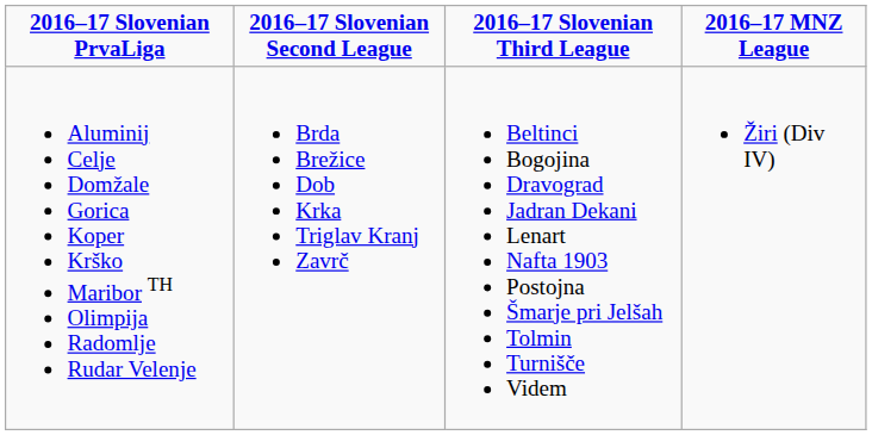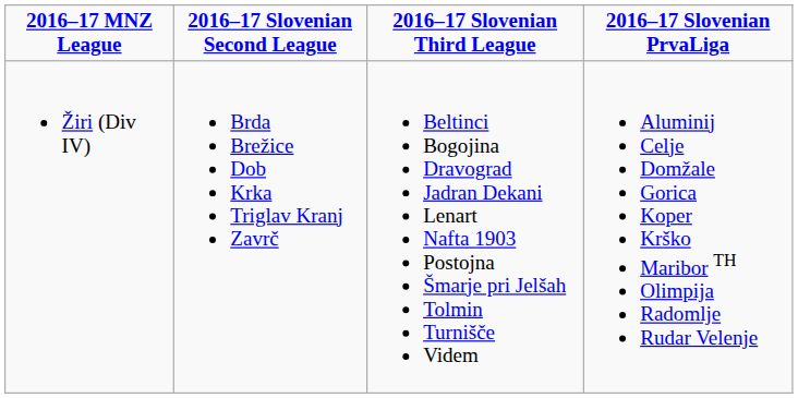 <table class="wikitable">
 <tr valign="top">
-<td align="center" width="16%"><strong><a href='#'>2016–17 Slovenian PrvaLiga</a></strong></td>
+<td align="center" width="14%"><strong><a href='#'>2016–17 MNZ League</a></strong></td>
 <td align="center" width="16%"><strong><a href='#'>2016–17 Slovenian Second League</a></strong></td>
 <td align="center" width="16%"><strong><a href='#'>2016–17 Slovenian Third League</a></strong></td>
-<td align="center" width="14%"><strong><a href='#'>2016–17 MNZ League</a></strong></td>
+<td align="center" width="16%"><strong><a href='#'>2016–17 Slovenian PrvaLiga</a></strong></td>
 </tr>
 <tr valign="top">
-<td><br><ul><li><a href='#'>Aluminij</a></li><li><a href='#'>Celje</a></li><li><a href='#'>Domžale</a></li><li><a href='#'>Gorica</a></li><li><a href='#'>Koper</a></li><li><a href='#'>Krško</a></li><li><a href='#'>Maribor</a> <sup>TH</sup></li><li><a href='#'>Olimpija</a></li><li><a href='#'>Radomlje</a></li><li><a href='#'>Rudar Velenje</a></li></ul></td>
+<td><br><ul><li><a href='#'>Žiri</a> (Div IV)</li></ul></td>
 <td><br><ul><li><a href='#'>Brda</a></li><li><a href='#'>Brežice</a></li><li><a href='#'>Dob</a></li><li><a href='#'>Krka</a></li><li><a href='#'>Triglav Kranj</a></li><li><a href='#'>Zavrč</a></li></ul></td>
 <td><br><ul><li><a href='#'>Beltinci</a></li><li>Bogojina</li><li><a href='#'>Dravograd</a></li><li><a href='#'>Jadran Dekani</a></li><li>Lenart</li><li><a href='#'>Nafta 1903</a></li><li>Postojna</li><li><a href='#'>Šmarje pri Jelšah</a></li><li><a href='#'>Tolmin</a></li><li><a href='#'> Turnišče</a></li><li>Videm</li></ul></td>
-<td><br><ul><li><a href='#'>Žiri</a> (Div IV)</li></ul></td>
+<td><br><ul><li><a href='#'>Aluminij</a></li><li><a href='#'>Celje</a></li><li><a href='#'>Domžale</a></li><li><a href='#'>Gorica</a></li><li><a href='#'>Koper</a></li><li><a href='#'>Krško</a></li><li><a href='#'>Maribor</a> <sup>TH</sup></li><li><a href='#'>Olimpija</a></li><li><a href='#'>Radomlje</a></li><li><a href='#'>Rudar Velenje</a></li></ul></td>
 </tr>
 </table>
